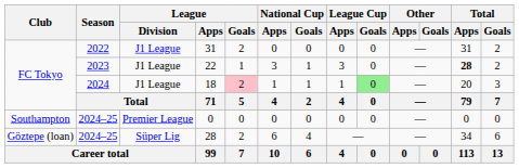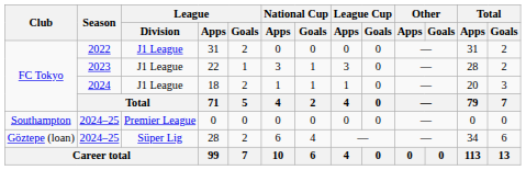 <table class="wikitable" style="text-align: center">
 <tr>
 <th rowspan="2">Club</th>
 <th rowspan="2">Season</th>
 <th colspan="3">League</th>
 <th colspan="2">National Cup</th>
 <th colspan="2">League Cup</th>
 <th colspan="2">Other</th>
 <th colspan="2">Total</th>
 </tr>
 <tr>
 <th>Division</th>
 <th>Apps</th>
 <th>Goals</th>
 <th>Apps</th>
 <th>Goals</th>
 <th>Apps</th>
 <th>Goals</th>
 <th>Apps</th>
 <th>Goals</th>
 <th>Apps</th>
 <th>Goals</th>
 </tr>
 <tr>
 <td rowspan="4"><a href='#'>FC Tokyo</a></td>
 <td><a href='#'>2022</a></td>
 <td><a href='#'>J1 League</a></td>
 <td>31</td>
 <td>2</td>
 <td>0</td>
 <td>0</td>
 <td>0</td>
 <td>0</td>
 <td colspan="2">—</td>
 <td>31</td>
 <td>2</td>
 </tr>
 <tr>
 <td><a href='#'>2023</a></td>
 <td>J1 League</td>
 <td>22</td>
 <td>1</td>
 <td>3</td>
 <td>1</td>
 <td>3</td>
 <td>0</td>
 <td colspan="2">—</td>
-<td><strong>28</strong></td>
+<td>28</td>
 <td>2</td>
 </tr>
 <tr>
 <td><a href='#'>2024</a></td>
 <td>J1 League</td>
 <td>18</td>
-<td style="background: pink;">2</td>
+<td>2</td>
 <td>1</td>
 <td>1</td>
 <td>1</td>
-<td style="background: lightgreen;">0</td>
+<td>0</td>
 <td colspan="2">—</td>
 <td>20</td>
 <td>3</td>
 </tr>
 <tr>
 <th colspan="2">Total</th>
 <th>71</th>
 <th>5</th>
 <th>4</th>
 <th>2</th>
 <th>4</th>
 <th>0</th>
 <th colspan="2">—</th>
 <th>79</th>
 <th>7</th>
 </tr>
 <tr>
 <td><a href='#'>Southampton</a></td>
 <td><a href='#'>2024–25</a></td>
 <td><a href='#'>Premier League</a></td>
 <td>0</td>
 <td>0</td>
 <td>0</td>
 <td>0</td>
 <td>0</td>
 <td>0</td>
 <td colspan="2">—</td>
 <td>0</td>
 <td>0</td>
 </tr>
 <tr>
 <td><a href='#'>Göztepe</a> (loan)</td>
 <td><a href='#'>2024–25</a></td>
 <td><a href='#'>Süper Lig</a></td>
 <td>28</td>
 <td>2</td>
 <td>6</td>
 <td>4</td>
 <td colspan="2">—</td>
 <td colspan="2">—</td>
 <td>34</td>
 <td>6</td>
 </tr>
 <tr>
 <th colspan="3">Career total</th>
 <th>99</th>
 <th>7</th>
 <th>10</th>
 <th>6</th>
 <th>4</th>
 <th>0</th>
 <th>0</th>
 <th>0</th>
 <th>113</th>
 <th>13</th>
 </tr>
 </table>
